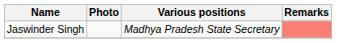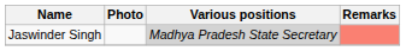 <table class="wikitable sortable" style="text-align:center">
 <tr>
 <th Style="background-color:">Name</th>
 <th Style="background-color:">Photo</th>
 <th Style="background-color:">Various positions</th>
 <th Style="background-color:">Remarks</th>
 </tr>
 <tr>
 <td>Jaswinder Singh</td>
 <td></td>
-<td><em>Madhya Pradesh State Secretary</em></td>
+<td style="background: lightgrey;"><em>Madhya Pradesh State Secretary</em></td>
 <td bgcolor = Salmon></td>
 </tr>
 <tr>
 </tr>
 </table>
